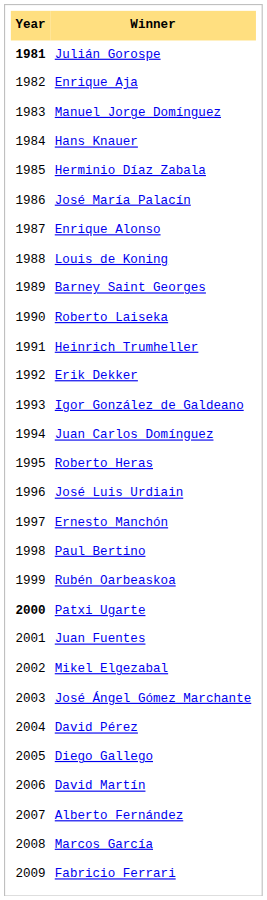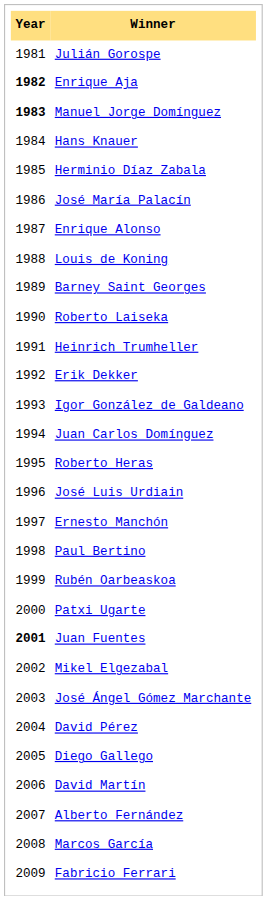 <table cellpadding="4" cellspacing="0"  style="border: 1px solid silver; color: black; margin: 0 0 0.5em 0; background-color: white; padding: 5px; text-align: left; font-size:85%; vertical-align: top; line-height:1.6em;">
 <tr>
 <th scope=col; align="center" bgcolor="FFDF80">Year</th>
 <th scope=col; align="center" bgcolor="FFDF80">Winner</th>
 </tr>
 <tr>
-<td><strong>1981</strong></td>
+<td>1981</td>
 <td> <a href='#'>Julián Gorospe</a></td>
 </tr>
 <tr>
-<td>1982</td>
+<td><strong>1982</strong></td>
 <td> <a href='#'>Enrique Aja</a></td>
 </tr>
 <tr>
-<td>1983</td>
+<td><strong>1983</strong></td>
 <td> <a href='#'>Manuel Jorge Domínguez</a></td>
 </tr>
 <tr>
 <td>1984</td>
 <td> <a href='#'>Hans Knauer</a></td>
 </tr>
 <tr>
 <td>1985</td>
 <td> <a href='#'>Herminio Díaz Zabala</a></td>
 </tr>
 <tr>
 <td>1986</td>
 <td> <a href='#'>José María Palacín</a></td>
 </tr>
 <tr>
 <td>1987</td>
 <td> <a href='#'>Enrique Alonso</a></td>
 </tr>
 <tr>
 <td>1988</td>
 <td> <a href='#'>Louis de Koning</a></td>
 </tr>
 <tr>
 <td>1989</td>
 <td> <a href='#'>Barney Saint Georges</a></td>
 </tr>
 <tr>
 <td>1990</td>
 <td> <a href='#'>Roberto Laiseka</a></td>
 </tr>
 <tr>
 <td>1991</td>
 <td> <a href='#'>Heinrich Trumheller</a></td>
 </tr>
 <tr>
 <td>1992</td>
 <td> <a href='#'>Erik Dekker</a></td>
 </tr>
 <tr>
 <td>1993</td>
 <td> <a href='#'>Igor González de Galdeano</a></td>
 </tr>
 <tr>
 <td>1994</td>
 <td> <a href='#'>Juan Carlos Domínguez</a></td>
 </tr>
 <tr>
 <td>1995</td>
 <td> <a href='#'>Roberto Heras</a></td>
 </tr>
 <tr>
 <td>1996</td>
 <td> <a href='#'>José Luis Urdiain</a></td>
 </tr>
 <tr>
 <td>1997</td>
 <td> <a href='#'>Ernesto Manchón</a></td>
 </tr>
 <tr>
 <td>1998</td>
 <td> <a href='#'>Paul Bertino</a></td>
 </tr>
 <tr>
 <td>1999</td>
 <td> <a href='#'>Rubén Oarbeaskoa</a></td>
 </tr>
 <tr>
-<td><strong>2000</strong></td>
+<td>2000</td>
 <td> <a href='#'>Patxi Ugarte</a></td>
 </tr>
 <tr>
-<td>2001</td>
+<td><strong>2001</strong></td>
 <td> <a href='#'>Juan Fuentes</a></td>
 </tr>
 <tr>
 <td>2002</td>
 <td> <a href='#'>Mikel Elgezabal</a></td>
 </tr>
 <tr>
 <td>2003</td>
 <td> <a href='#'>José Ángel Gómez Marchante</a></td>
 </tr>
 <tr>
 <td>2004</td>
 <td> <a href='#'>David Pérez</a></td>
 </tr>
 <tr>
 <td>2005</td>
 <td> <a href='#'>Diego Gallego</a></td>
 </tr>
 <tr>
 <td>2006</td>
 <td> <a href='#'>David Martín</a></td>
 </tr>
 <tr>
 <td>2007</td>
 <td> <a href='#'>Alberto Fernández</a></td>
 </tr>
 <tr>
 <td>2008</td>
 <td> <a href='#'>Marcos García</a></td>
 </tr>
 <tr>
 <td>2009</td>
 <td> <a href='#'>Fabricio Ferrari</a></td>
 </tr>
 <tr>
 </tr>
 </table>
